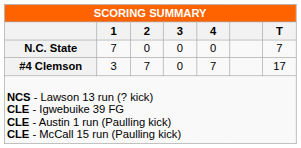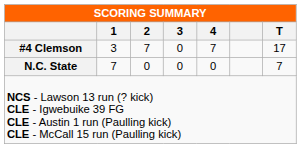 <table class="wikitable" style="text-align:center">
 <tr style="background:#FF6300; color:white">
 <td colspan="7" align="center"><strong>SCORING SUMMARY</strong></td>
 </tr>
 <tr>
 <th width="125"> </th>
 <th width="40">1</th>
 <th width="40">2</th>
 <th width="40">3</th>
 <th width="40">4</th>
 <th width="40"> </th>
 <th width="40">T</th>
 </tr>
 <tr>
+<th>#4 Clemson</th>
+<td>3</td>
+<td>7</td>
+<td>0</td>
+<td>7</td>
+<td></td>
+<td>17</td>
+</tr>
+<tr>
 <th>N.C. State</th>
 <td>7</td>
 <td>0</td>
 <td>0</td>
 <td>0</td>
 <td></td>
 <td>7</td>
 </tr>
 <tr>
-<th>#4 Clemson</th>
-<td>3</td>
-<td>7</td>
-<td>0</td>
-<td>7</td>
-<td></td>
-<td>17</td>
-</tr>
-<tr>
 <td colspan="7" align="left"><br><strong>NCS</strong> - Lawson 13 run (? kick)<br> <strong>CLE</strong> - Igwebuike 39 FG<br> <strong>CLE</strong> - Austin 1 run (Paulling kick)<br> <strong>CLE</strong> - McCall 15 run (Paulling kick)</td>
 </tr>
 </table>
